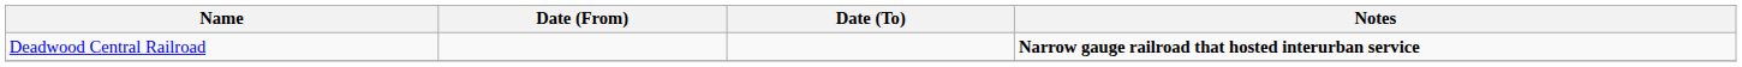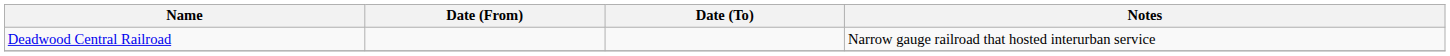 <table class="wikitable sortable" width=100%>
 <tr>
 <th width=15%>Name</th>
 <th width=10%>Date (From)</th>
 <th width=10%>Date (To)</th>
 <th class="unsortable" width=25%>Notes</th>
 </tr>
 <tr>
 <td><a href='#'>Deadwood Central Railroad</a></td>
 <td></td>
 <td></td>
-<td><strong>Narrow gauge railroad that hosted interurban service</strong></td>
+<td>Narrow gauge railroad that hosted interurban service</td>
 </tr>
 <tr>
 </tr>
 </table>
